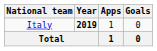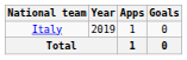 <table class="wikitable" style="text-align:center">
 <tr>
 <th>National team</th>
 <th>Year</th>
 <th>Apps</th>
 <th>Goals</th>
 </tr>
 <tr>
 <td><a href='#'>Italy</a></td>
-<td><strong>2019</strong></td>
+<td>2019</td>
 <td>1</td>
 <td>0</td>
 </tr>
 <tr>
 <th colspan="2">Total</th>
 <th>1</th>
 <th>0</th>
 </tr>
 </table>
